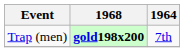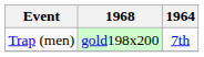 <table class="wikitable" style="text-align: center">
 <tr>
 <th>Event</th>
 <th>1968</th>
 <th>1964</th>
 </tr>
 <tr>
 <td align=left><a href='#'>Trap</a> (men)</td>
-<td style="background: #ccffcc"><strong><a href='#'>gold</a>198x200<br></strong></td>
+<td style="background: #ccffcc"><a href='#'>gold</a>198x200<br></td>
 <td><a href='#'>7th</a><br></td>
 </tr>
 <tr>
 </tr>
 </table>
